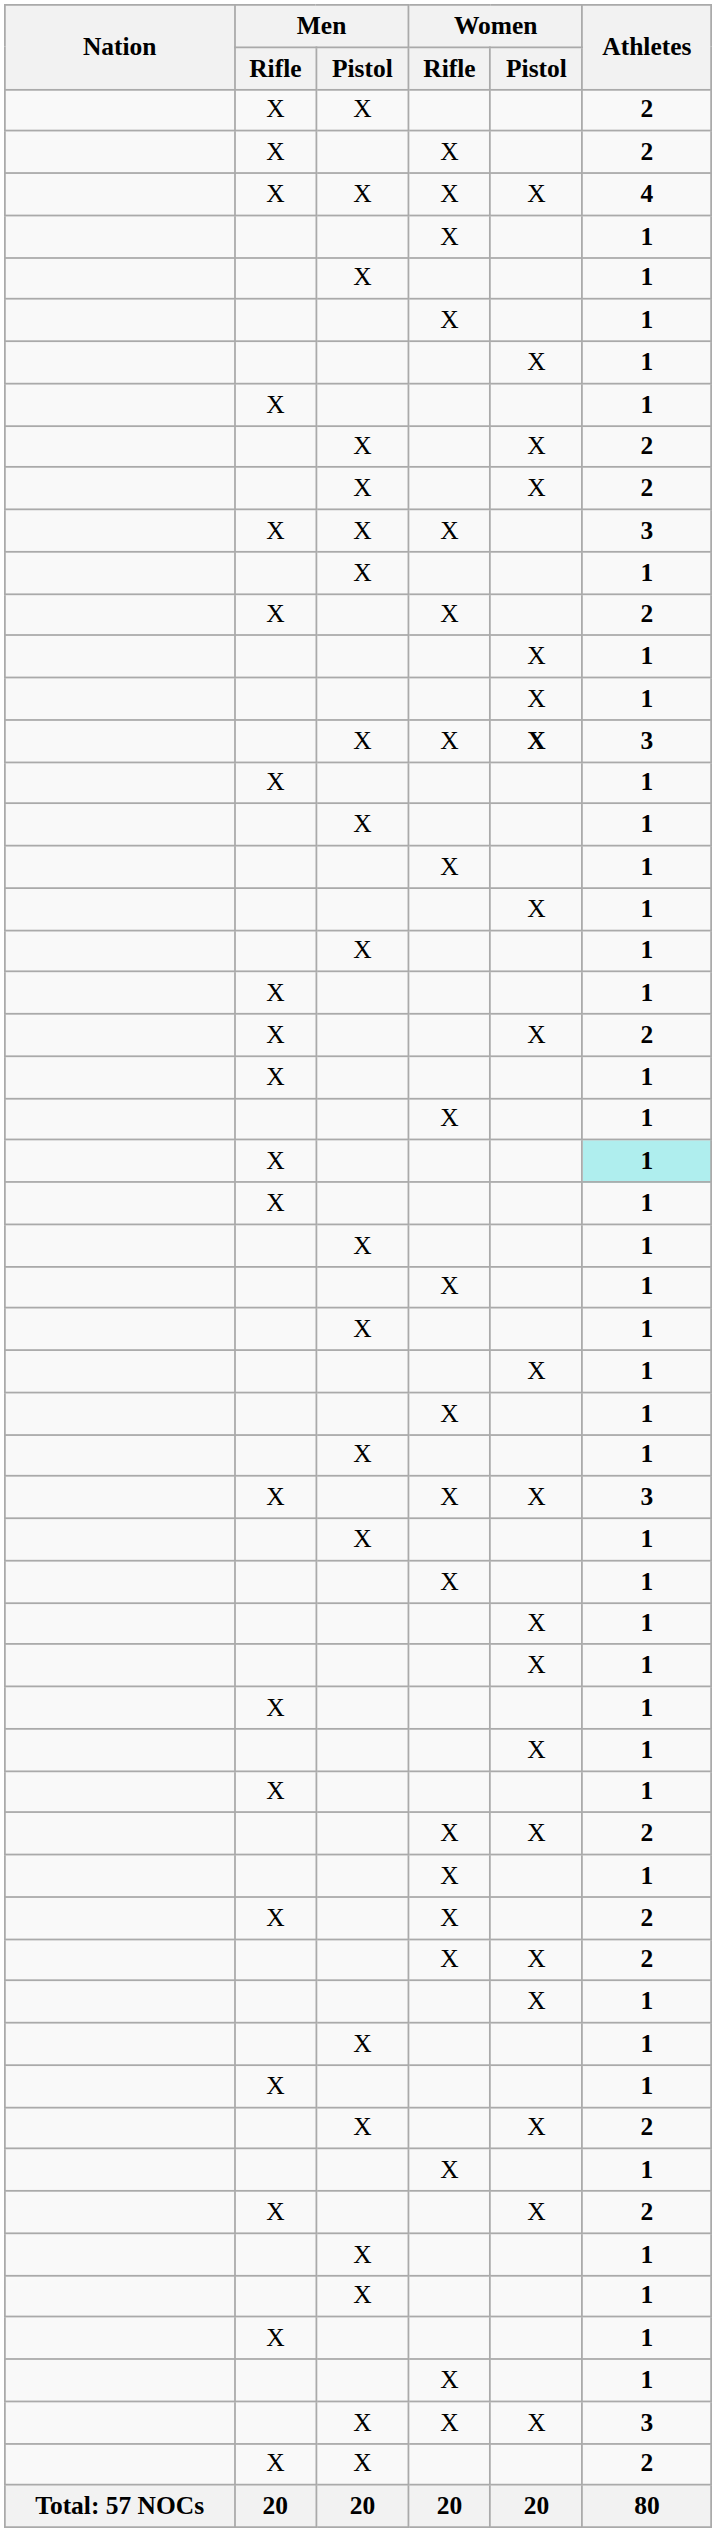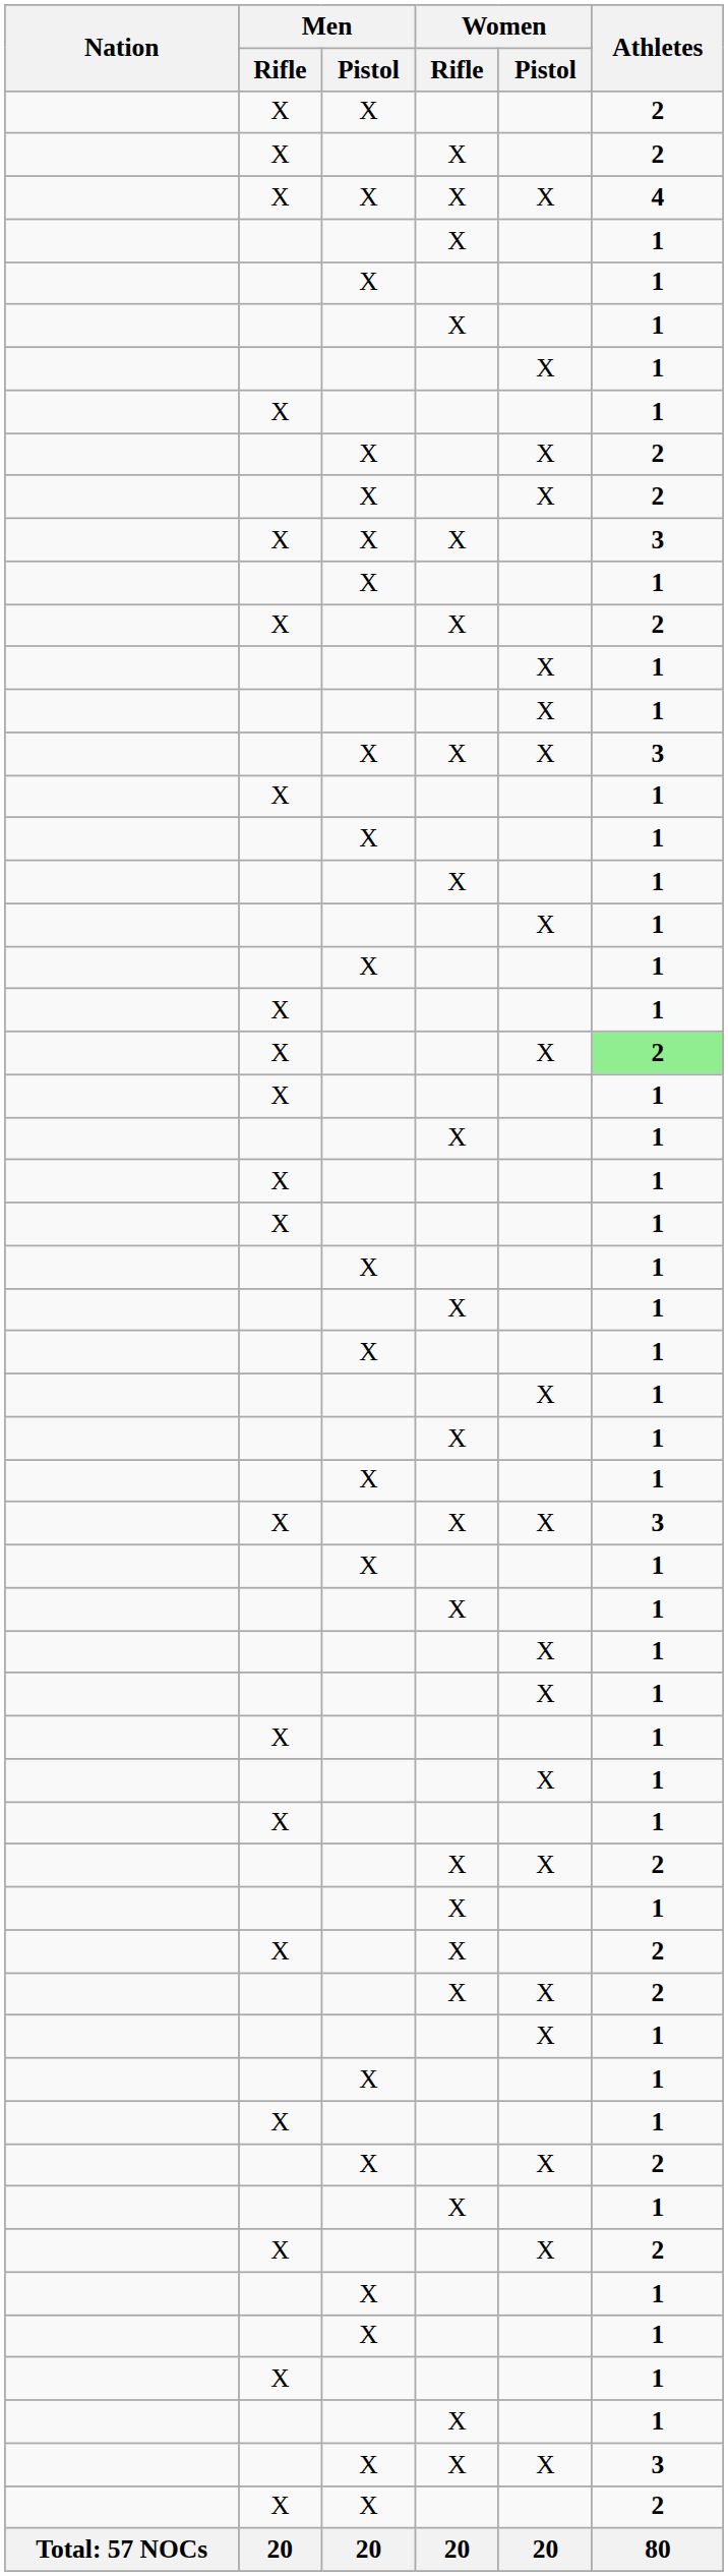 <table class="wikitable" width=400 style="text-align:center; font-size:90%">
 <tr>
 <th rowspan="2" align="left">Nation</th>
 <th colspan="2">Men</th>
 <th colspan="2">Women</th>
 <th rowspan=2>Athletes</th>
 </tr>
 <tr>
 <th>Rifle</th>
 <th>Pistol</th>
 <th>Rifle</th>
 <th>Pistol</th>
 </tr>
 <tr>
 <td align=left></td>
 <td>X</td>
 <td>X</td>
 <td></td>
 <td></td>
 <td><strong>2</strong></td>
 </tr>
 <tr>
 <td align=left></td>
 <td>X</td>
 <td></td>
 <td>X</td>
 <td></td>
 <td><strong>2</strong></td>
 </tr>
 <tr>
 <td align=left></td>
 <td>X</td>
 <td>X</td>
 <td>X</td>
 <td>X</td>
 <td><strong>4</strong></td>
 </tr>
 <tr>
 <td align=left></td>
 <td></td>
 <td></td>
 <td>X</td>
 <td></td>
 <td><strong>1</strong></td>
 </tr>
 <tr>
 <td align=left></td>
 <td></td>
 <td>X</td>
 <td></td>
 <td></td>
 <td><strong>1</strong></td>
 </tr>
 <tr>
 <td align=left></td>
 <td></td>
 <td></td>
 <td>X</td>
 <td></td>
 <td><strong>1</strong></td>
 </tr>
 <tr>
 <td align=left></td>
 <td></td>
 <td></td>
 <td></td>
 <td>X</td>
 <td><strong>1</strong></td>
 </tr>
 <tr>
 <td align=left></td>
 <td>X</td>
 <td></td>
 <td></td>
 <td></td>
 <td><strong>1</strong></td>
 </tr>
 <tr>
 <td align=left></td>
 <td></td>
 <td>X</td>
 <td></td>
 <td>X</td>
 <td><strong>2</strong></td>
 </tr>
 <tr>
 <td align=left></td>
 <td></td>
 <td>X</td>
 <td></td>
 <td>X</td>
 <td><strong>2</strong></td>
 </tr>
 <tr>
 <td align=left></td>
 <td>X</td>
 <td>X</td>
 <td>X</td>
 <td></td>
 <td><strong>3</strong></td>
 </tr>
 <tr>
 <td align=left></td>
 <td></td>
 <td>X</td>
 <td></td>
 <td></td>
 <td><strong>1</strong></td>
 </tr>
 <tr>
 <td align=left></td>
 <td>X</td>
 <td></td>
 <td>X</td>
 <td></td>
 <td><strong>2</strong></td>
 </tr>
 <tr>
 <td align=left></td>
 <td></td>
 <td></td>
 <td></td>
 <td>X</td>
 <td><strong>1</strong></td>
 </tr>
 <tr>
 <td align=left></td>
 <td></td>
 <td></td>
 <td></td>
 <td>X</td>
 <td><strong>1</strong></td>
 </tr>
 <tr>
 <td align=left></td>
 <td></td>
 <td>X</td>
 <td>X</td>
-<td><strong>X</strong></td>
+<td>X</td>
 <td><strong>3</strong></td>
 </tr>
 <tr>
 <td align=left></td>
 <td>X</td>
 <td></td>
 <td></td>
 <td></td>
 <td><strong>1</strong></td>
 </tr>
 <tr>
 <td align=left></td>
 <td></td>
 <td>X</td>
 <td></td>
 <td></td>
 <td><strong>1</strong></td>
 </tr>
 <tr>
 <td align=left></td>
 <td></td>
 <td></td>
 <td>X</td>
 <td></td>
 <td><strong>1</strong></td>
 </tr>
 <tr>
 <td align=left></td>
 <td></td>
 <td></td>
 <td></td>
 <td>X</td>
 <td><strong>1</strong></td>
 </tr>
 <tr>
 <td align=left></td>
 <td></td>
 <td>X</td>
 <td></td>
 <td></td>
 <td><strong>1</strong></td>
 </tr>
 <tr>
 <td align=left></td>
 <td>X</td>
 <td></td>
 <td></td>
 <td></td>
 <td><strong>1</strong></td>
 </tr>
 <tr>
 <td align=left></td>
 <td>X</td>
 <td></td>
 <td></td>
 <td>X</td>
-<td><strong>2</strong></td>
+<td style="background: lightgreen;"><strong>2</strong></td>
 </tr>
 <tr>
 <td align=left></td>
 <td>X</td>
 <td></td>
 <td></td>
 <td></td>
 <td><strong>1</strong></td>
 </tr>
 <tr>
 <td align=left></td>
 <td></td>
 <td></td>
 <td>X</td>
 <td></td>
 <td><strong>1</strong></td>
 </tr>
 <tr>
 <td align=left></td>
 <td>X</td>
 <td></td>
 <td></td>
 <td></td>
-<td style="background: paleturquoise;"><strong>1</strong></td>
+<td><strong>1</strong></td>
 </tr>
 <tr>
 <td align=left></td>
 <td>X</td>
 <td></td>
 <td></td>
 <td></td>
 <td><strong>1</strong></td>
 </tr>
 <tr>
 <td align=left></td>
 <td></td>
 <td>X</td>
 <td></td>
 <td></td>
 <td><strong>1</strong></td>
 </tr>
 <tr>
 <td align=left></td>
 <td></td>
 <td></td>
 <td>X</td>
 <td></td>
 <td><strong>1</strong></td>
 </tr>
 <tr>
 <td align=left></td>
 <td></td>
 <td>X</td>
 <td></td>
 <td></td>
 <td><strong>1</strong></td>
 </tr>
 <tr>
 <td align=left></td>
 <td></td>
 <td></td>
 <td></td>
 <td>X</td>
 <td><strong>1</strong></td>
 </tr>
 <tr>
 <td align=left></td>
 <td></td>
 <td></td>
 <td>X</td>
 <td></td>
 <td><strong>1</strong></td>
 </tr>
 <tr>
 <td align=left></td>
 <td></td>
 <td>X</td>
 <td></td>
 <td></td>
 <td><strong>1</strong></td>
 </tr>
 <tr>
 <td align=left></td>
 <td>X</td>
 <td></td>
 <td>X</td>
 <td>X</td>
 <td><strong>3</strong></td>
 </tr>
 <tr>
 <td align=left></td>
 <td></td>
 <td>X</td>
 <td></td>
 <td></td>
 <td><strong>1</strong></td>
 </tr>
 <tr>
 <td align=left></td>
 <td></td>
 <td></td>
 <td>X</td>
 <td></td>
 <td><strong>1</strong></td>
 </tr>
 <tr>
 <td align=left></td>
 <td></td>
 <td></td>
 <td></td>
 <td>X</td>
 <td><strong>1</strong></td>
 </tr>
 <tr>
 <td align=left></td>
 <td></td>
 <td></td>
 <td></td>
 <td>X</td>
 <td><strong>1</strong></td>
 </tr>
 <tr>
 <td align=left></td>
 <td>X</td>
 <td></td>
 <td></td>
 <td></td>
 <td><strong>1</strong></td>
 </tr>
 <tr>
 <td align=left></td>
 <td></td>
 <td></td>
 <td></td>
 <td>X</td>
 <td><strong>1</strong></td>
 </tr>
 <tr>
 <td align=left></td>
 <td>X</td>
 <td></td>
 <td></td>
 <td></td>
 <td><strong>1</strong></td>
 </tr>
 <tr>
 <td align=left></td>
 <td></td>
 <td></td>
 <td>X</td>
 <td>X</td>
 <td><strong>2</strong></td>
 </tr>
 <tr>
 <td align=left></td>
 <td></td>
 <td></td>
 <td>X</td>
 <td></td>
 <td><strong>1</strong></td>
 </tr>
 <tr>
 <td align=left></td>
 <td>X</td>
 <td></td>
 <td>X</td>
 <td></td>
 <td><strong>2</strong></td>
 </tr>
 <tr>
 <td align=left></td>
 <td></td>
 <td></td>
 <td>X</td>
 <td>X</td>
 <td><strong>2</strong></td>
 </tr>
 <tr>
 <td align=left></td>
 <td></td>
 <td></td>
 <td></td>
 <td>X</td>
 <td><strong>1</strong></td>
 </tr>
 <tr>
 <td align=left></td>
 <td></td>
 <td>X</td>
 <td></td>
 <td></td>
 <td><strong>1</strong></td>
 </tr>
 <tr>
 <td align=left></td>
 <td>X</td>
 <td></td>
 <td></td>
 <td></td>
 <td><strong>1</strong></td>
 </tr>
 <tr>
 <td align=left></td>
 <td></td>
 <td>X</td>
 <td></td>
 <td>X</td>
 <td><strong>2</strong></td>
 </tr>
 <tr>
 <td align=left></td>
 <td></td>
 <td></td>
 <td>X</td>
 <td></td>
 <td><strong>1</strong></td>
 </tr>
 <tr>
 <td align=left></td>
 <td>X</td>
 <td></td>
 <td></td>
 <td>X</td>
 <td><strong>2</strong></td>
 </tr>
 <tr>
 <td align=left></td>
 <td></td>
 <td>X</td>
 <td></td>
 <td></td>
 <td><strong>1</strong></td>
 </tr>
 <tr>
 <td align=left></td>
 <td></td>
 <td>X</td>
 <td></td>
 <td></td>
 <td><strong>1</strong></td>
 </tr>
 <tr>
 <td align=left></td>
 <td>X</td>
 <td></td>
 <td></td>
 <td></td>
 <td><strong>1</strong></td>
 </tr>
 <tr>
 <td align=left></td>
 <td></td>
 <td></td>
 <td>X</td>
 <td></td>
 <td><strong>1</strong></td>
 </tr>
 <tr>
 <td align=left></td>
 <td></td>
 <td>X</td>
 <td>X</td>
 <td>X</td>
 <td><strong>3</strong></td>
 </tr>
 <tr>
 <td align=left></td>
 <td>X</td>
 <td>X</td>
 <td></td>
 <td></td>
 <td><strong>2</strong></td>
 </tr>
 <tr>
 <th>Total: 57 NOCs</th>
 <th>20</th>
 <th>20</th>
 <th>20</th>
 <th>20</th>
 <th>80</th>
 </tr>
 </table>
